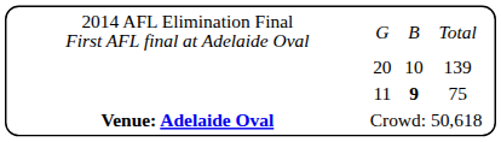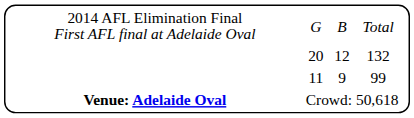 <table style="margin-right:4px; margin-top:8px; float:right; border:1px #000 solid; border-radius:8px; background:#fff; font-family:Verdana; font-size:8pt; text-align:center;">
 <tr>
 <td width=200>2014 AFL Elimination Final<br><em>First AFL final at Adelaide Oval</em></td>
 <td><em>G</em></td>
 <td><em>B</em></td>
 <td><em>Total</em></td>
 </tr>
 <tr>
 <td style="text-align:left"></td>
 <td>20</td>
-<td>10</td>
-<td>139</td>
+<td>12</td>
+<td>132</td>
 </tr>
 <tr>
 <td style="text-align:left"></td>
 <td>11</td>
-<td><strong>9</strong></td>
-<td>75</td>
+<td>9</td>
+<td>99</td>
 </tr>
 <tr>
 <td><strong>Venue: <a href='#'>Adelaide Oval</a></strong></td>
 <td colspan=3>Crowd: 50,618</td>
 <td colspan=3></td>
 </tr>
 </table>
